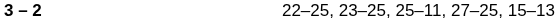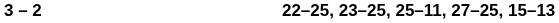 <table width=100% cellspacing=1>
 <tr>
 <th width=20%></th>
 <th width=12%></th>
 <th width=20%></th>
 <th width=33%></th>
 <td></td>
 </tr>
 <tr style=font-size:95%>
 <td align=right><strong></strong></td>
 <td align=center><strong>3 – 2</strong></td>
 <td></td>
-<td>22–25, 23–25, 25–11, 27–25, 15–13</td>
+<td><strong>22–25, 23–25, 25–11, 27–25, 15–13</strong></td>
 </tr>
 </table>
